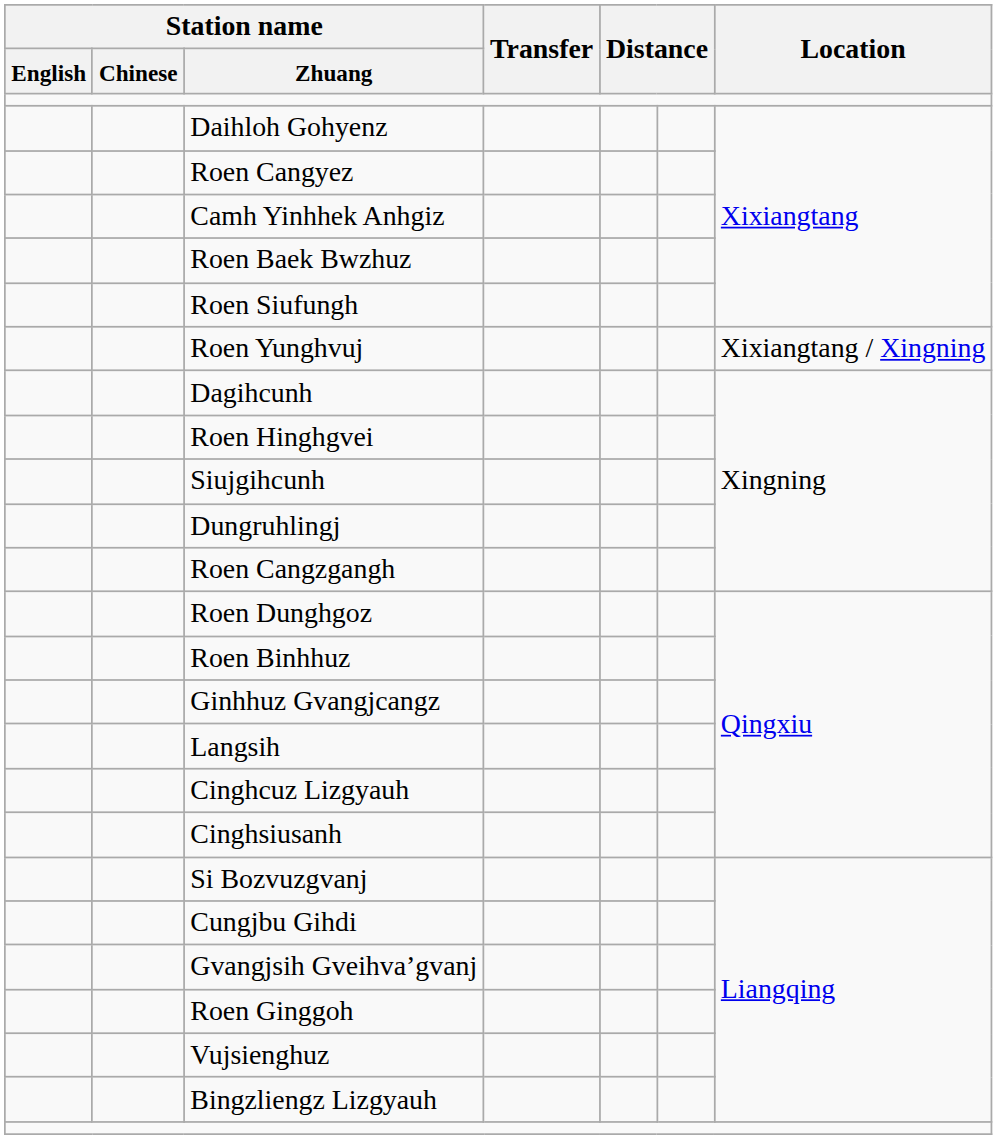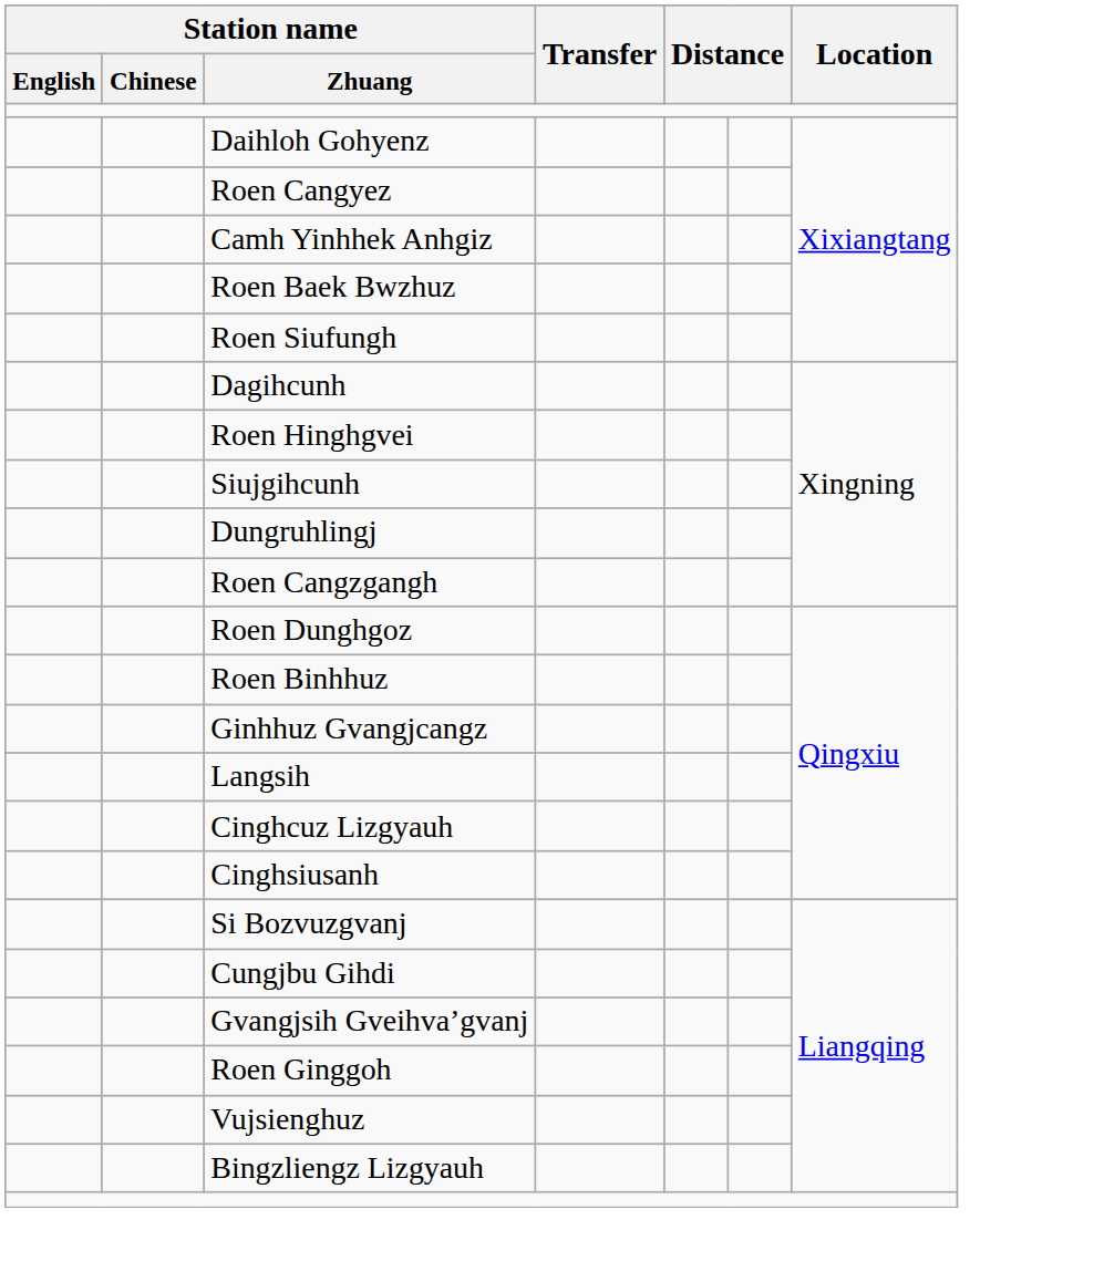 <table class="wikitable">
 <tr>
 <th colspan=3>Station name</th>
 <th rowspan=2>Transfer</th>
 <th colspan="2" rowspan="2">Distance<br></th>
 <th rowspan=2>Location</th>
 </tr>
 <tr>
 <th><small>English</small></th>
 <th><small>Chinese</small></th>
 <th><small>Zhuang</small></th>
 </tr>
 <tr style="background:#">
 <td colspan = "7"></td>
 </tr>
 <tr>
 <td></td>
 <td></td>
 <td>Daihloh Gohyenz</td>
 <td></td>
 <td></td>
 <td></td>
 <td rowspan="5"><a href='#'>Xixiangtang</a></td>
 </tr>
 <tr>
 <td></td>
 <td></td>
 <td>Roen Cangyez</td>
 <td></td>
 <td></td>
 <td></td>
 </tr>
 <tr>
 <td></td>
 <td></td>
 <td>Camh Yinhhek Anhgiz</td>
 <td></td>
 <td></td>
 <td></td>
 </tr>
 <tr>
 <td></td>
 <td></td>
 <td>Roen Baek Bwzhuz</td>
 <td></td>
 <td></td>
 <td></td>
 </tr>
 <tr>
 <td></td>
 <td></td>
 <td>Roen Siufungh</td>
 <td></td>
 <td></td>
 <td></td>
-</tr>
-<tr>
-<td></td>
-<td></td>
-<td>Roen Yunghvuj</td>
-<td></td>
-<td></td>
-<td></td>
-<td>Xixiangtang / <a href='#'>Xingning</a></td>
 </tr>
 <tr>
 <td></td>
 <td></td>
 <td>Dagihcunh</td>
 <td></td>
 <td></td>
 <td></td>
 <td rowspan="5">Xingning</td>
 </tr>
 <tr>
 <td></td>
 <td></td>
 <td>Roen Hinghgvei</td>
 <td></td>
 <td></td>
 <td></td>
 </tr>
 <tr>
 <td></td>
 <td></td>
 <td>Siujgihcunh</td>
 <td></td>
 <td></td>
 <td></td>
 </tr>
 <tr>
 <td></td>
 <td></td>
 <td>Dungruhlingj</td>
 <td></td>
 <td></td>
 <td></td>
 </tr>
 <tr>
 <td></td>
 <td></td>
 <td>Roen Cangzgangh</td>
 <td></td>
 <td></td>
 <td></td>
 </tr>
 <tr>
 <td></td>
 <td></td>
 <td>Roen Dunghgoz</td>
 <td></td>
 <td></td>
 <td></td>
 <td rowspan="6"><a href='#'>Qingxiu</a></td>
 </tr>
 <tr>
 <td></td>
 <td></td>
 <td>Roen Binhhuz</td>
 <td></td>
 <td></td>
 <td></td>
 </tr>
 <tr>
 <td></td>
 <td></td>
 <td>Ginhhuz Gvangjcangz</td>
 <td></td>
 <td></td>
 <td></td>
 </tr>
 <tr>
 <td></td>
 <td></td>
 <td>Langsih</td>
 <td></td>
 <td></td>
 <td></td>
 </tr>
 <tr>
 <td></td>
 <td></td>
 <td>Cinghcuz Lizgyauh</td>
 <td></td>
 <td></td>
 <td></td>
 </tr>
 <tr>
 <td></td>
 <td></td>
 <td>Cinghsiusanh</td>
 <td></td>
 <td></td>
 <td></td>
 </tr>
 <tr>
 <td></td>
 <td></td>
 <td>Si Bozvuzgvanj</td>
 <td></td>
 <td></td>
 <td></td>
 <td rowspan="6"><a href='#'>Liangqing</a></td>
 </tr>
 <tr>
 <td></td>
 <td></td>
 <td>Cungjbu Gihdi</td>
 <td></td>
 <td></td>
 <td></td>
 </tr>
 <tr>
 <td></td>
 <td></td>
 <td>Gvangjsih Gveihva’gvanj</td>
 <td></td>
 <td></td>
 <td></td>
 </tr>
 <tr>
 <td></td>
 <td></td>
 <td>Roen Ginggoh</td>
 <td></td>
 <td></td>
 <td></td>
 </tr>
 <tr>
 <td></td>
 <td></td>
 <td>Vujsienghuz</td>
 <td></td>
 <td></td>
 <td></td>
 </tr>
 <tr>
 <td></td>
 <td></td>
 <td>Bingzliengz Lizgyauh</td>
 <td></td>
 <td></td>
 <td></td>
 </tr>
 <tr style="background:#">
 <td colspan = "7"></td>
 </tr>
 </table>
